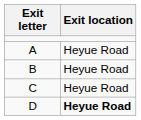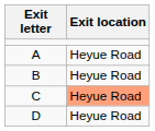 <table class="wikitable">
 <tr>
 <th colspan=2 style="width:70px">Exit letter</th>
 <th>Exit location</th>
 </tr>
 <tr style="background:#">
 <td colspan="4"></td>
 </tr>
 <tr>
 <td colspan=2 align=center>A</td>
 <td>Heyue Road</td>
 </tr>
 <tr>
 <td colspan=2 align=center>B</td>
 <td>Heyue Road</td>
 </tr>
 <tr>
 <td colspan=2 align=center>C</td>
-<td>Heyue Road</td>
+<td style="background: lightsalmon;">Heyue Road</td>
 </tr>
 <tr>
 <td colspan=2 align=center>D</td>
-<td><strong>Heyue Road</strong></td>
+<td>Heyue Road</td>
 </tr>
 </table>
